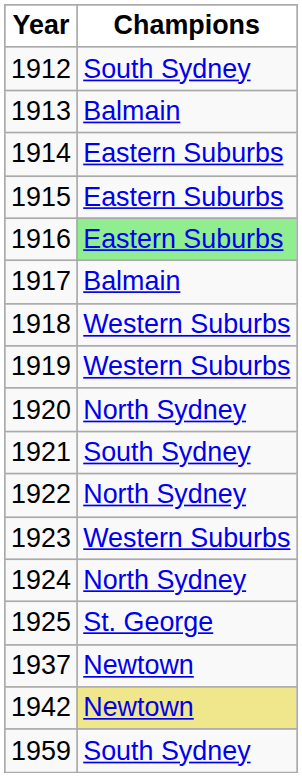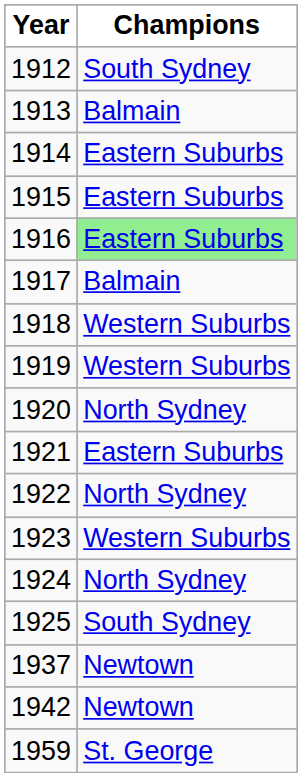 <table class="wikitable"; text-align:left">
 <tr>
 <th style="background:white;">Year</th>
 <th style="background:white;">Champions</th>
 </tr>
 <tr>
 <td align=center>1912</td>
 <td> <a href='#'>South Sydney</a></td>
 </tr>
 <tr>
 <td align=center>1913</td>
 <td> <a href='#'>Balmain</a></td>
 </tr>
 <tr>
 <td align=center>1914</td>
 <td> <a href='#'>Eastern Suburbs</a></td>
 </tr>
 <tr>
 <td align=center>1915</td>
 <td> <a href='#'>Eastern Suburbs</a></td>
 </tr>
 <tr>
 <td align=center>1916</td>
 <td style="background: lightgreen;"> <a href='#'>Eastern Suburbs</a></td>
 </tr>
 <tr>
 <td align=center>1917</td>
 <td> <a href='#'>Balmain</a></td>
 </tr>
 <tr>
 <td align=center>1918</td>
 <td> <a href='#'>Western Suburbs</a></td>
 </tr>
 <tr>
 <td align=center>1919</td>
 <td> <a href='#'>Western Suburbs</a></td>
 </tr>
 <tr>
 <td align=center>1920</td>
 <td> <a href='#'>North Sydney</a></td>
 </tr>
 <tr>
 <td align=center>1921</td>
-<td> <a href='#'>South Sydney</a></td>
+<td> <a href='#'>Eastern Suburbs</a></td>
 </tr>
 <tr>
 <td align=center>1922</td>
 <td> <a href='#'>North Sydney</a></td>
 </tr>
 <tr>
 <td align=center>1923</td>
 <td> <a href='#'>Western Suburbs</a></td>
 </tr>
 <tr>
 <td align=center>1924</td>
 <td> <a href='#'>North Sydney</a></td>
 </tr>
 <tr>
 <td align=center>1925</td>
-<td> <a href='#'>St. George</a></td>
+<td> <a href='#'>South Sydney</a></td>
 </tr>
 <tr>
 <td align=center>1937</td>
 <td> <a href='#'>Newtown</a></td>
 </tr>
 <tr>
 <td align=center>1942</td>
-<td style="background: khaki;"> <a href='#'>Newtown</a></td>
+<td> <a href='#'>Newtown</a></td>
 </tr>
 <tr>
 <td align=center>1959</td>
-<td> <a href='#'>South Sydney</a></td>
+<td> <a href='#'>St. George</a></td>
 </tr>
 </table>
